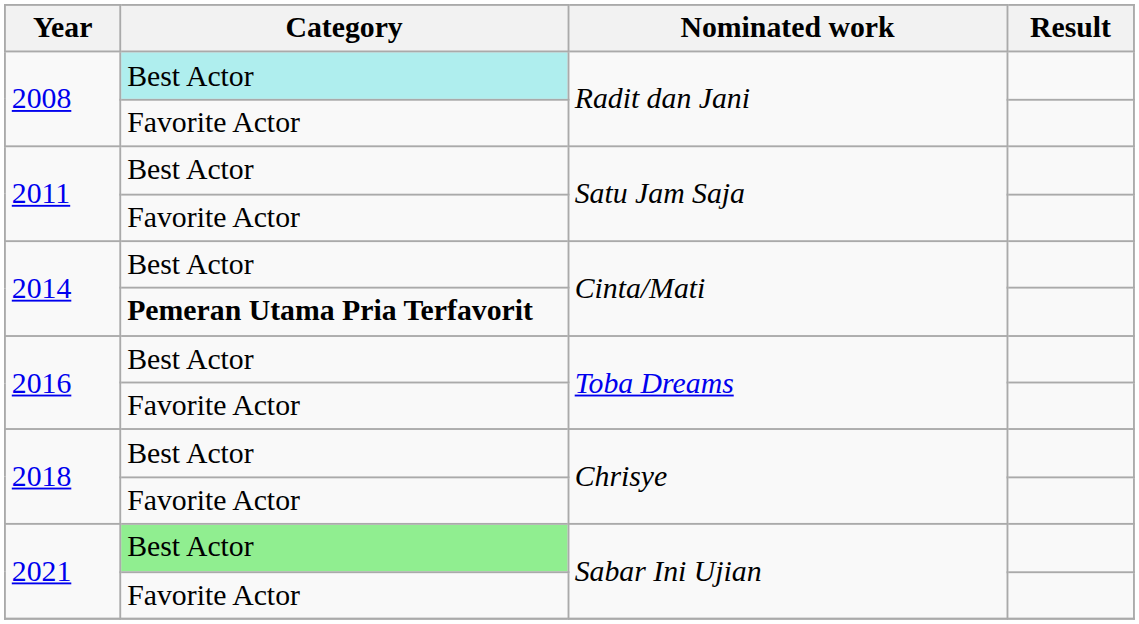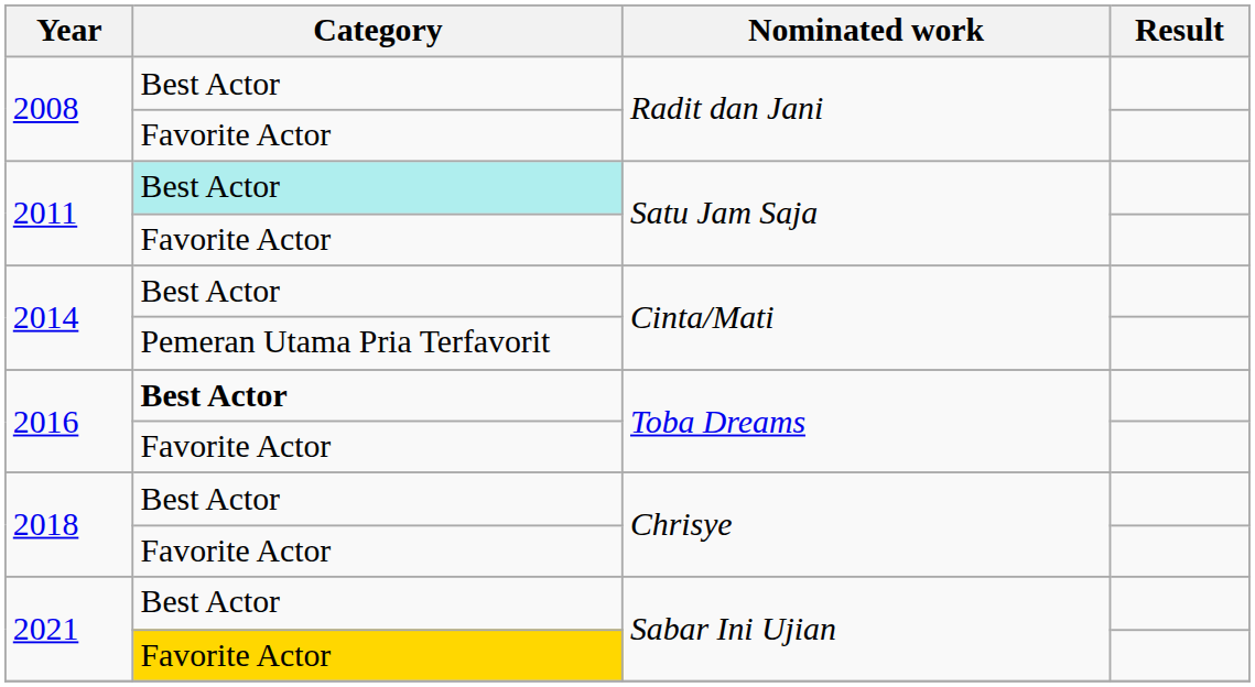 <table class="wikitable">
 <tr>
 <th scope="col" style="width:5em;">Year</th>
 <th scope="col" style="width:26em;">Category</th>
 <th scope="col" style="width:25em;">Nominated work</th>
 <th scope="col" style="width:5em;">Result</th>
 </tr>
 <tr>
 <td rowspan= "2"><a href='#'>2008</a></td>
-<td style="background: paleturquoise;">Best Actor</td>
+<td>Best Actor</td>
 <td rowspan= "2"><em>Radit dan Jani</em></td>
 <td></td>
 </tr>
 <tr>
 <td>Favorite Actor</td>
 <td></td>
 </tr>
 <tr>
 <td rowspan= "2"><a href='#'>2011</a></td>
-<td>Best Actor</td>
+<td style="background: paleturquoise;">Best Actor</td>
 <td rowspan= "2"><em>Satu Jam Saja</em></td>
 <td></td>
 </tr>
 <tr>
 <td>Favorite Actor</td>
 <td></td>
 </tr>
 <tr>
 <td rowspan= "2"><a href='#'>2014</a></td>
 <td>Best Actor</td>
 <td rowspan= "2"><em>Cinta/Mati</em></td>
 <td></td>
 </tr>
 <tr>
-<td><strong>Pemeran Utama Pria Terfavorit</strong></td>
+<td>Pemeran Utama Pria Terfavorit</td>
 <td></td>
 </tr>
 <tr>
 <td rowspan= "2"><a href='#'>2016</a></td>
-<td>Best Actor</td>
+<td><strong>Best Actor</strong></td>
 <td rowspan= "2"><em><a href='#'>Toba Dreams</a></em></td>
 <td></td>
 </tr>
 <tr>
 <td>Favorite Actor</td>
 <td></td>
 </tr>
 <tr>
 <td rowspan= "2"><a href='#'>2018</a></td>
 <td>Best Actor</td>
 <td rowspan= "2"><em>Chrisye</em></td>
 <td></td>
 </tr>
 <tr>
 <td>Favorite Actor</td>
 <td></td>
 </tr>
 <tr>
 <td rowspan= "2"><a href='#'>2021</a></td>
-<td style="background: lightgreen;">Best Actor</td>
+<td>Best Actor</td>
 <td rowspan= "2"><em>Sabar Ini Ujian</em></td>
 <td></td>
 </tr>
 <tr>
-<td>Favorite Actor</td>
+<td style="background: gold;">Favorite Actor</td>
 <td></td>
 </tr>
 <tr>
 </tr>
 </table>
